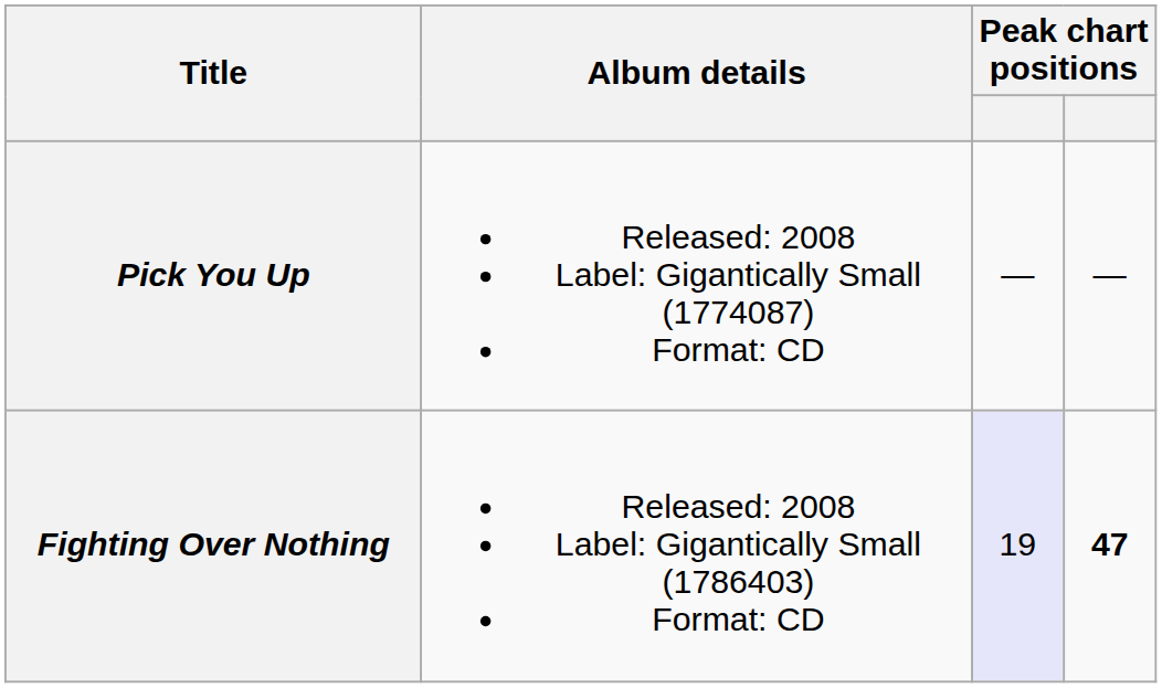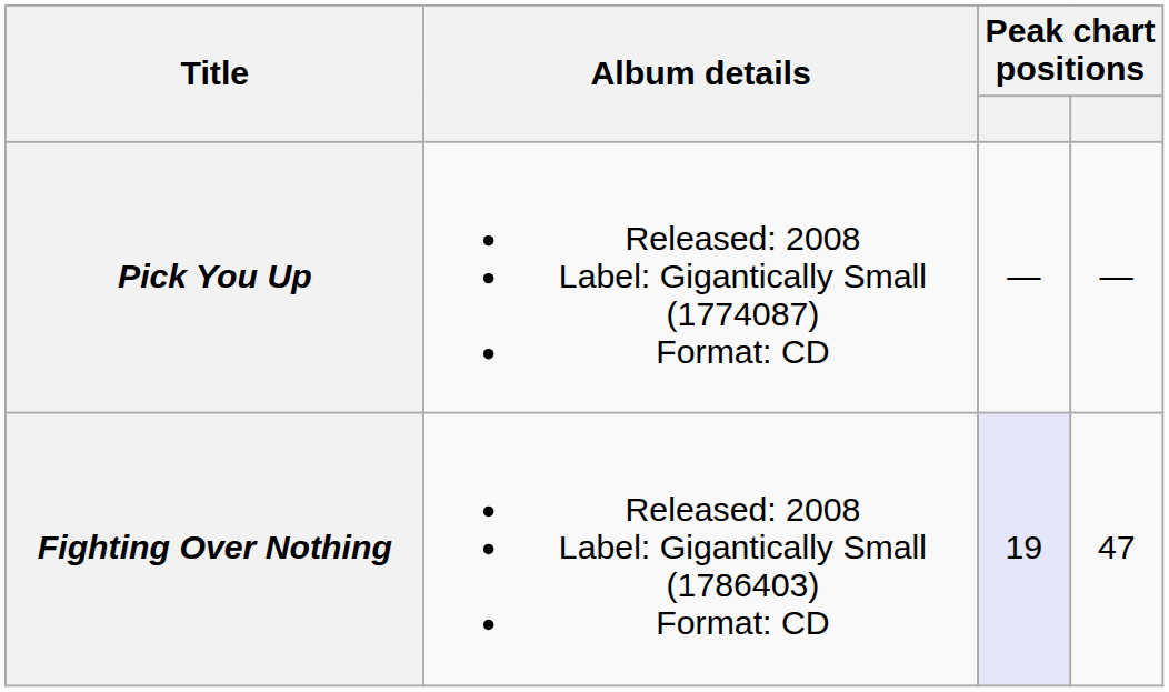 <table class="wikitable plainrowheaders" style="text-align:center;" border="1">
 <tr>
 <th scope="col" rowspan="2" style="width:12em;">Title</th>
 <th scope="col" rowspan="2" style="width:16em;">Album details</th>
 <th scope="col" colspan="2">Peak chart<br>positions</th>
 </tr>
 <tr>
 <th scope="col" style="font-size:85%"><a href='#'></a><br></th>
 <th scope="col" style="font-size:85%"><a href='#'></a><br></th>
 </tr>
 <tr>
 <th scope="row"><em>Pick You Up</em></th>
 <td><br><ul><li>Released: 2008</li><li>Label: Gigantically Small (1774087)</li><li>Format: CD</li></ul></td>
 <td>—</td>
 <td>—</td>
 </tr>
 <tr>
 <th scope="row"><em>Fighting Over Nothing</em></th>
 <td><br><ul><li>Released: 2008</li><li>Label: Gigantically Small (1786403)</li><li>Format: CD</li></ul></td>
 <td style="background: lavender;">19</td>
-<td><strong>47</strong></td>
+<td>47</td>
 </tr>
 </table>
